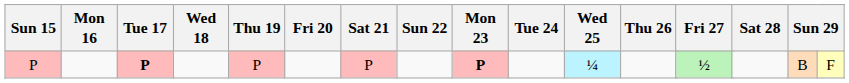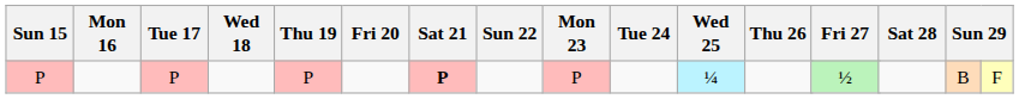 <table class="wikitable" style="margin:0.5em auto; font-size:90%; line-height:1.25em; text-align:center">
 <tr>
 <th width="45">Sun 15</th>
 <th width="45">Mon 16</th>
 <th width="45">Tue 17</th>
 <th width="45">Wed 18</th>
 <th width="45">Thu 19</th>
 <th width="45">Fri 20</th>
 <th width="45">Sat 21</th>
 <th width="45">Sun 22</th>
 <th width="45">Mon 23</th>
 <th width="45">Tue 24</th>
 <th width="45" colspan="2">Wed 25</th>
 <th width="45" colspan="2">Thu 26</th>
 <th width="45" colspan="2">Fri 27</th>
 <th width="45">Sat 28</th>
 <th width="45" colspan="2">Sun 29</th>
 </tr>
 <tr>
 <td bgcolor="#FFBBBB">P</td>
 <td></td>
-<td bgcolor="#FFBBBB"><strong>P</strong></td>
-<td></td>
 <td bgcolor="#FFBBBB">P</td>
 <td></td>
 <td bgcolor="#FFBBBB">P</td>
 <td></td>
 <td bgcolor="#FFBBBB"><strong>P</strong></td>
+<td></td>
+<td bgcolor="#FFBBBB">P</td>
 <td></td>
 <td bgcolor="#BBF3FF" colspan="2">¼</td>
 <td colspan="2"></td>
 <td bgcolor="#BBF3BB" colspan="2">½</td>
 <td></td>
 <td bgcolor="#FEDCBA">B</td>
 <td bgcolor="#FFFFBB">F</td>
 </tr>
 </table>
